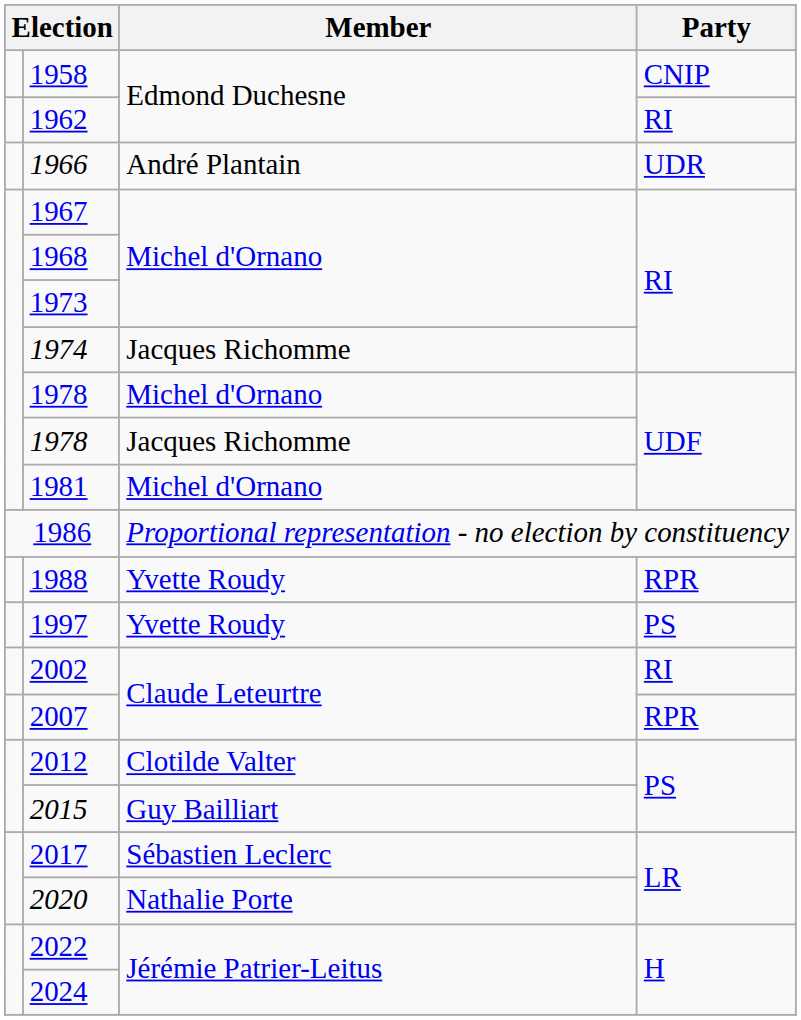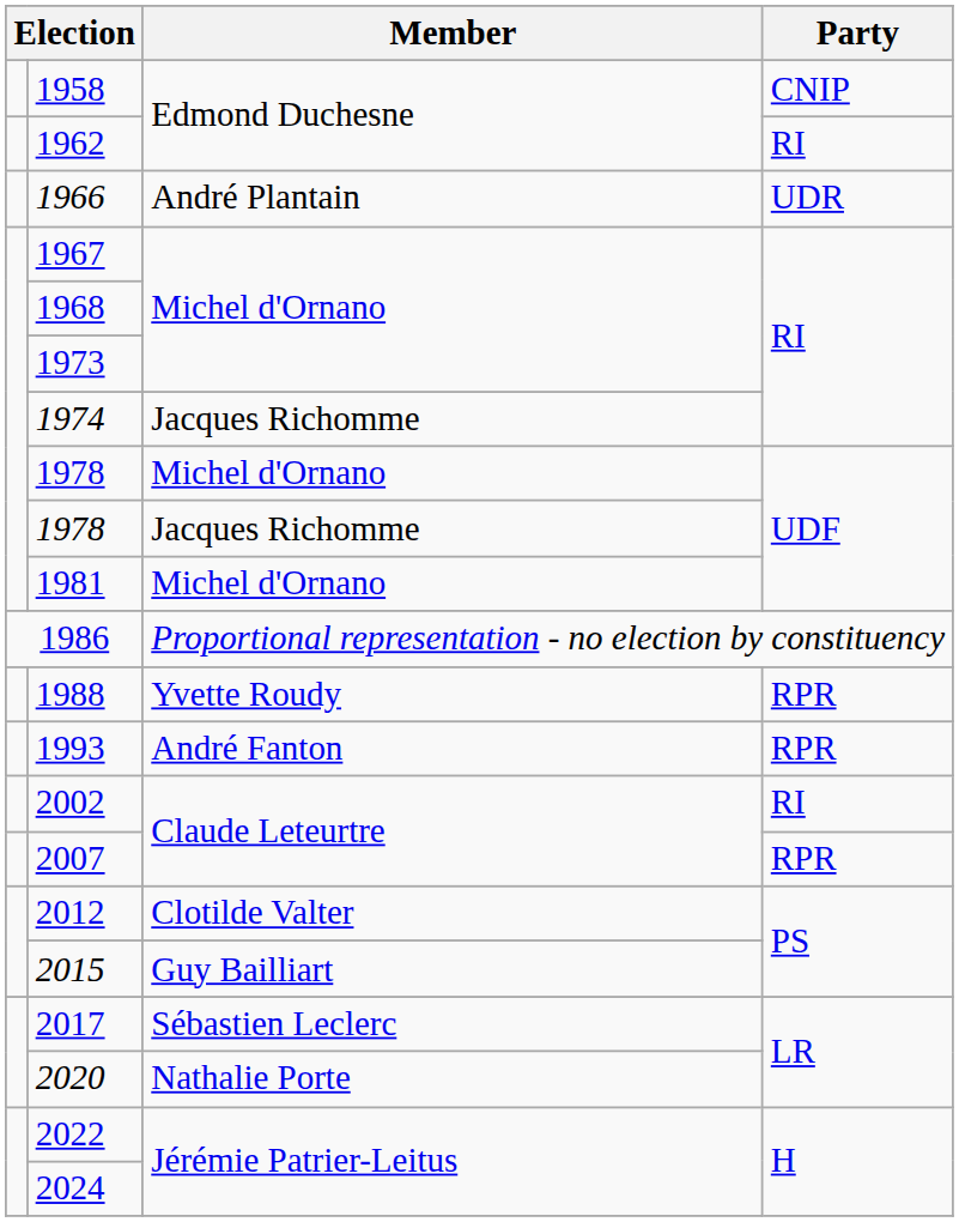 <table class="wikitable">
 <tr>
 <th colspan="2">Election</th>
 <th>Member</th>
 <th>Party</th>
 </tr>
 <tr>
 <td style="color:inherit;background-color: "></td>
 <td><a href='#'>1958</a></td>
 <td rowspan="2">Edmond Duchesne</td>
 <td><a href='#'>CNIP</a></td>
 </tr>
 <tr>
 <td style="color:inherit;background-color: "></td>
 <td><a href='#'>1962</a></td>
 <td><a href='#'>RI</a></td>
 </tr>
 <tr>
 <td style="color:inherit;background-color: "></td>
 <td><em>1966</em></td>
 <td>André Plantain</td>
 <td><a href='#'>UDR</a></td>
 </tr>
 <tr>
 <td rowspan="7" style="color:inherit;background-color: "></td>
 <td><a href='#'>1967</a></td>
 <td rowspan="3"><a href='#'>Michel d'Ornano</a></td>
 <td rowspan="4"><a href='#'>RI</a></td>
 </tr>
 <tr>
 <td><a href='#'>1968</a></td>
 </tr>
 <tr>
 <td><a href='#'>1973</a></td>
 </tr>
 <tr>
 <td><em>1974</em></td>
 <td>Jacques Richomme</td>
 </tr>
 <tr>
 <td><a href='#'>1978</a></td>
 <td><a href='#'>Michel d'Ornano</a></td>
 <td rowspan="3"><a href='#'>UDF</a></td>
 </tr>
 <tr>
 <td><em>1978</em></td>
 <td>Jacques Richomme</td>
 </tr>
 <tr>
 <td><a href='#'>1981</a></td>
 <td><a href='#'>Michel d'Ornano</a></td>
 </tr>
 <tr>
 <td colspan="2" align="center"><a href='#'>1986</a></td>
 <td colspan="2"><em><a href='#'>Proportional representation</a> - no election by constituency</em></td>
 </tr>
 <tr>
 <td style="color:inherit;background-color: "></td>
 <td><a href='#'>1988</a></td>
 <td><a href='#'>Yvette Roudy</a></td>
 <td><a href='#'>RPR</a></td>
 </tr>
 <tr>
 <td style="color:inherit;background-color: "></td>
-<td><a href='#'>1997</a></td>
-<td><a href='#'>Yvette Roudy</a></td>
-<td><a href='#'>PS</a></td>
+<td><a href='#'>1993</a></td>
+<td><a href='#'>André Fanton</a></td>
+<td><a href='#'>RPR</a></td>
 </tr>
 <tr>
 <td style="color:inherit;background-color: "></td>
 <td><a href='#'>2002</a></td>
 <td rowspan="2"><a href='#'>Claude Leteurtre</a></td>
 <td><a href='#'>RI</a></td>
 </tr>
 <tr>
 <td style="color:inherit;background-color: "></td>
 <td><a href='#'>2007</a></td>
 <td><a href='#'>RPR</a></td>
 </tr>
 <tr>
 <td rowspan="2" style="color:inherit;background-color: "></td>
 <td><a href='#'>2012</a></td>
 <td><a href='#'>Clotilde Valter</a></td>
 <td rowspan="2"><a href='#'>PS</a></td>
 </tr>
 <tr>
 <td><em>2015</em></td>
 <td><a href='#'>Guy Bailliart</a></td>
 </tr>
 <tr>
 <td rowspan="2" style="color:inherit;background-color: "></td>
 <td><a href='#'>2017</a></td>
 <td><a href='#'>Sébastien Leclerc</a></td>
 <td rowspan="2"><a href='#'>LR</a></td>
 </tr>
 <tr>
 <td><em>2020</em></td>
 <td><a href='#'>Nathalie Porte</a></td>
 </tr>
 <tr>
 <td rowspan="2" style="color:inherit;background-color: "></td>
 <td><a href='#'>2022</a></td>
 <td rowspan="2"><a href='#'>Jérémie Patrier-Leitus</a></td>
 <td rowspan="2"><a href='#'>H</a></td>
 </tr>
 <tr>
 <td><a href='#'>2024</a></td>
 </tr>
 </table>
